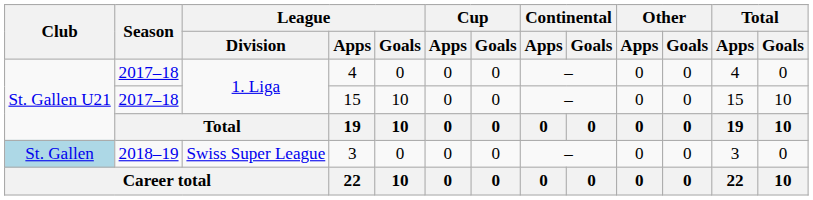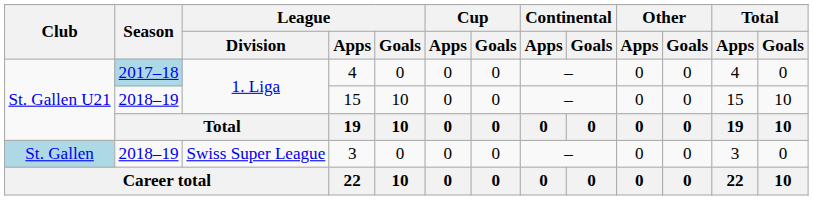 <table class="wikitable" style="text-align:center">
 <tr>
 <th rowspan="2">Club</th>
 <th rowspan="2">Season</th>
 <th colspan="3">League</th>
 <th colspan="2">Cup</th>
 <th colspan="2">Continental</th>
 <th colspan="2">Other</th>
 <th colspan="2">Total</th>
 </tr>
 <tr>
 <th>Division</th>
 <th>Apps</th>
 <th>Goals</th>
 <th>Apps</th>
 <th>Goals</th>
 <th>Apps</th>
 <th>Goals</th>
 <th>Apps</th>
 <th>Goals</th>
 <th>Apps</th>
 <th>Goals</th>
 </tr>
 <tr>
 <td rowspan="3"><a href='#'>St. Gallen U21</a></td>
-<td><a href='#'>2017–18</a></td>
+<td style="background: lightblue;"><a href='#'>2017–18</a></td>
 <td rowspan="2"><a href='#'>1. Liga</a></td>
 <td>4</td>
 <td>0</td>
 <td>0</td>
 <td>0</td>
 <td colspan="2">–</td>
 <td>0</td>
 <td>0</td>
 <td>4</td>
 <td>0</td>
 </tr>
 <tr>
-<td><a href='#'>2017–18</a></td>
+<td><a href='#'>2018–19</a></td>
 <td>15</td>
 <td>10</td>
 <td>0</td>
 <td>0</td>
 <td colspan="2">–</td>
 <td>0</td>
 <td>0</td>
 <td>15</td>
 <td>10</td>
 </tr>
 <tr>
 <th colspan="2">Total</th>
 <th>19</th>
 <th>10</th>
 <th>0</th>
 <th>0</th>
 <th>0</th>
 <th>0</th>
 <th>0</th>
 <th>0</th>
 <th>19</th>
 <th>10</th>
 </tr>
 <tr>
 <td style="background: lightblue;"><a href='#'>St. Gallen</a></td>
 <td><a href='#'>2018–19</a></td>
 <td><a href='#'>Swiss Super League</a></td>
 <td>3</td>
 <td>0</td>
 <td>0</td>
 <td>0</td>
 <td colspan="2">–</td>
 <td>0</td>
 <td>0</td>
 <td>3</td>
 <td>0</td>
 </tr>
 <tr>
 <th colspan="3">Career total</th>
 <th>22</th>
 <th>10</th>
 <th>0</th>
 <th>0</th>
 <th>0</th>
 <th>0</th>
 <th>0</th>
 <th>0</th>
 <th>22</th>
 <th>10</th>
 </tr>
 </table>
